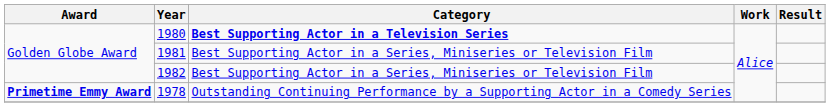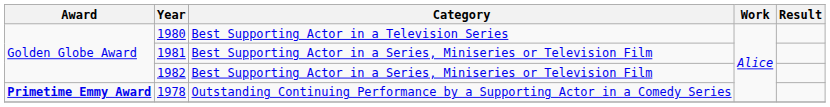 <table class="wikitable">
 <tr>
 <th>Award</th>
 <th>Year</th>
 <th>Category</th>
 <th>Work</th>
 <th>Result</th>
 </tr>
 <tr>
 <td rowspan="3"><a href='#'>Golden Globe Award</a></td>
 <td><a href='#'>1980</a></td>
-<td><strong><a href='#'>Best Supporting Actor in a Television Series</a></strong></td>
+<td><a href='#'>Best Supporting Actor in a Television Series</a></td>
 <td rowspan="4"><em><a href='#'>Alice</a></em></td>
 <td></td>
 </tr>
 <tr>
 <td><a href='#'>1981</a></td>
 <td><a href='#'>Best Supporting Actor in a Series, Miniseries or Television Film</a></td>
 <td></td>
 </tr>
 <tr>
 <td><a href='#'>1982</a></td>
 <td><a href='#'>Best Supporting Actor in a Series, Miniseries or Television Film</a></td>
 <td></td>
 </tr>
 <tr>
 <td><strong><a href='#'>Primetime Emmy Award</a></strong></td>
 <td><a href='#'>1978</a></td>
 <td><a href='#'>Outstanding Continuing Performance by a Supporting Actor in a Comedy Series</a></td>
 <td></td>
 </tr>
 <tr>
 </tr>
 </table>
